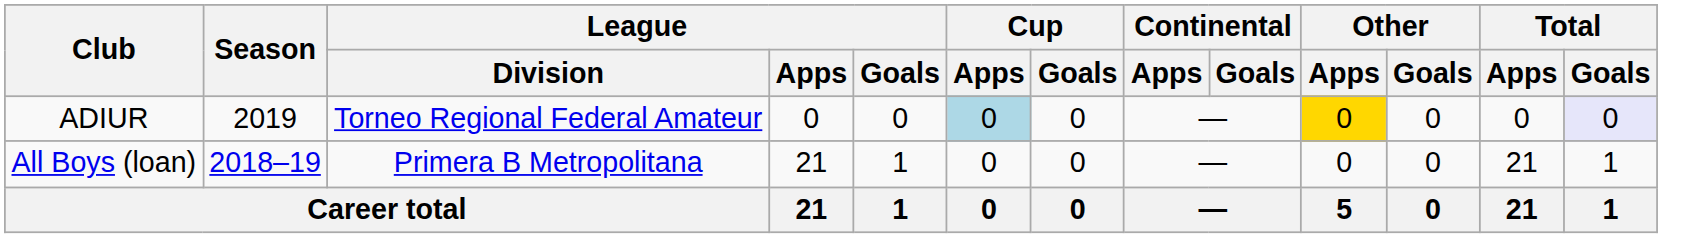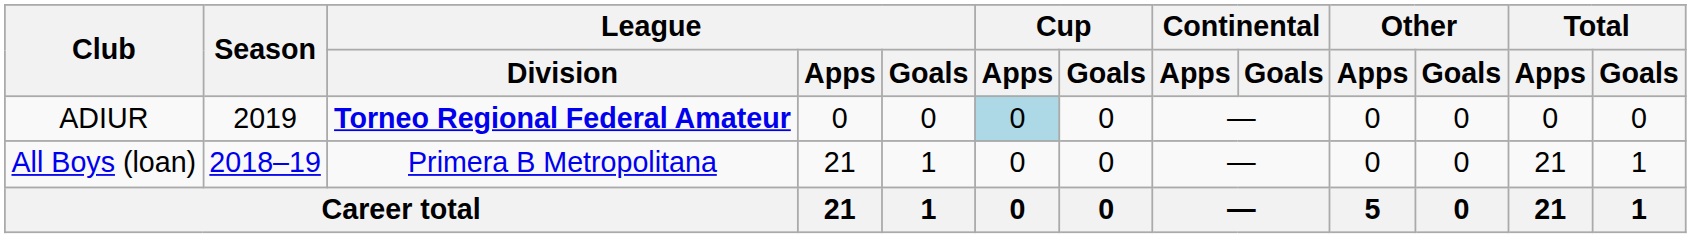 <table class="wikitable" style="text-align:center">
 <tr>
 <th rowspan="2">Club</th>
 <th rowspan="2">Season</th>
 <th colspan="3">League</th>
 <th colspan="2">Cup</th>
 <th colspan="2">Continental</th>
 <th colspan="2">Other</th>
 <th colspan="2">Total</th>
 </tr>
 <tr>
 <th>Division</th>
 <th>Apps</th>
 <th>Goals</th>
 <th>Apps</th>
 <th>Goals</th>
 <th>Apps</th>
 <th>Goals</th>
 <th>Apps</th>
 <th>Goals</th>
 <th>Apps</th>
 <th>Goals</th>
 </tr>
 <tr>
 <td rowspan="1">ADIUR</td>
 <td>2019</td>
-<td rowspan="1"><a href='#'>Torneo Regional Federal Amateur</a></td>
+<td rowspan="1"><strong><a href='#'>Torneo Regional Federal Amateur</a></strong></td>
 <td>0</td>
 <td>0</td>
 <td style="background: lightblue;">0</td>
 <td>0</td>
 <td colspan="2">—</td>
-<td style="background: gold;">0</td>
 <td>0</td>
 <td>0</td>
-<td style="background: lavender;">0</td>
+<td>0</td>
+<td>0</td>
 </tr>
 <tr>
 <td rowspan="1"><a href='#'>All Boys</a> (loan)</td>
 <td><a href='#'>2018–19</a></td>
 <td rowspan="1"><a href='#'>Primera B Metropolitana</a></td>
 <td>21</td>
 <td>1</td>
 <td>0</td>
 <td>0</td>
 <td colspan="2">—</td>
 <td>0</td>
 <td>0</td>
 <td>21</td>
 <td>1</td>
 </tr>
 <tr>
 <th colspan="3">Career total</th>
 <th>21</th>
 <th>1</th>
 <th>0</th>
 <th>0</th>
 <th colspan="2">—</th>
 <th>5</th>
 <th>0</th>
 <th>21</th>
 <th>1</th>
 </tr>
 </table>
